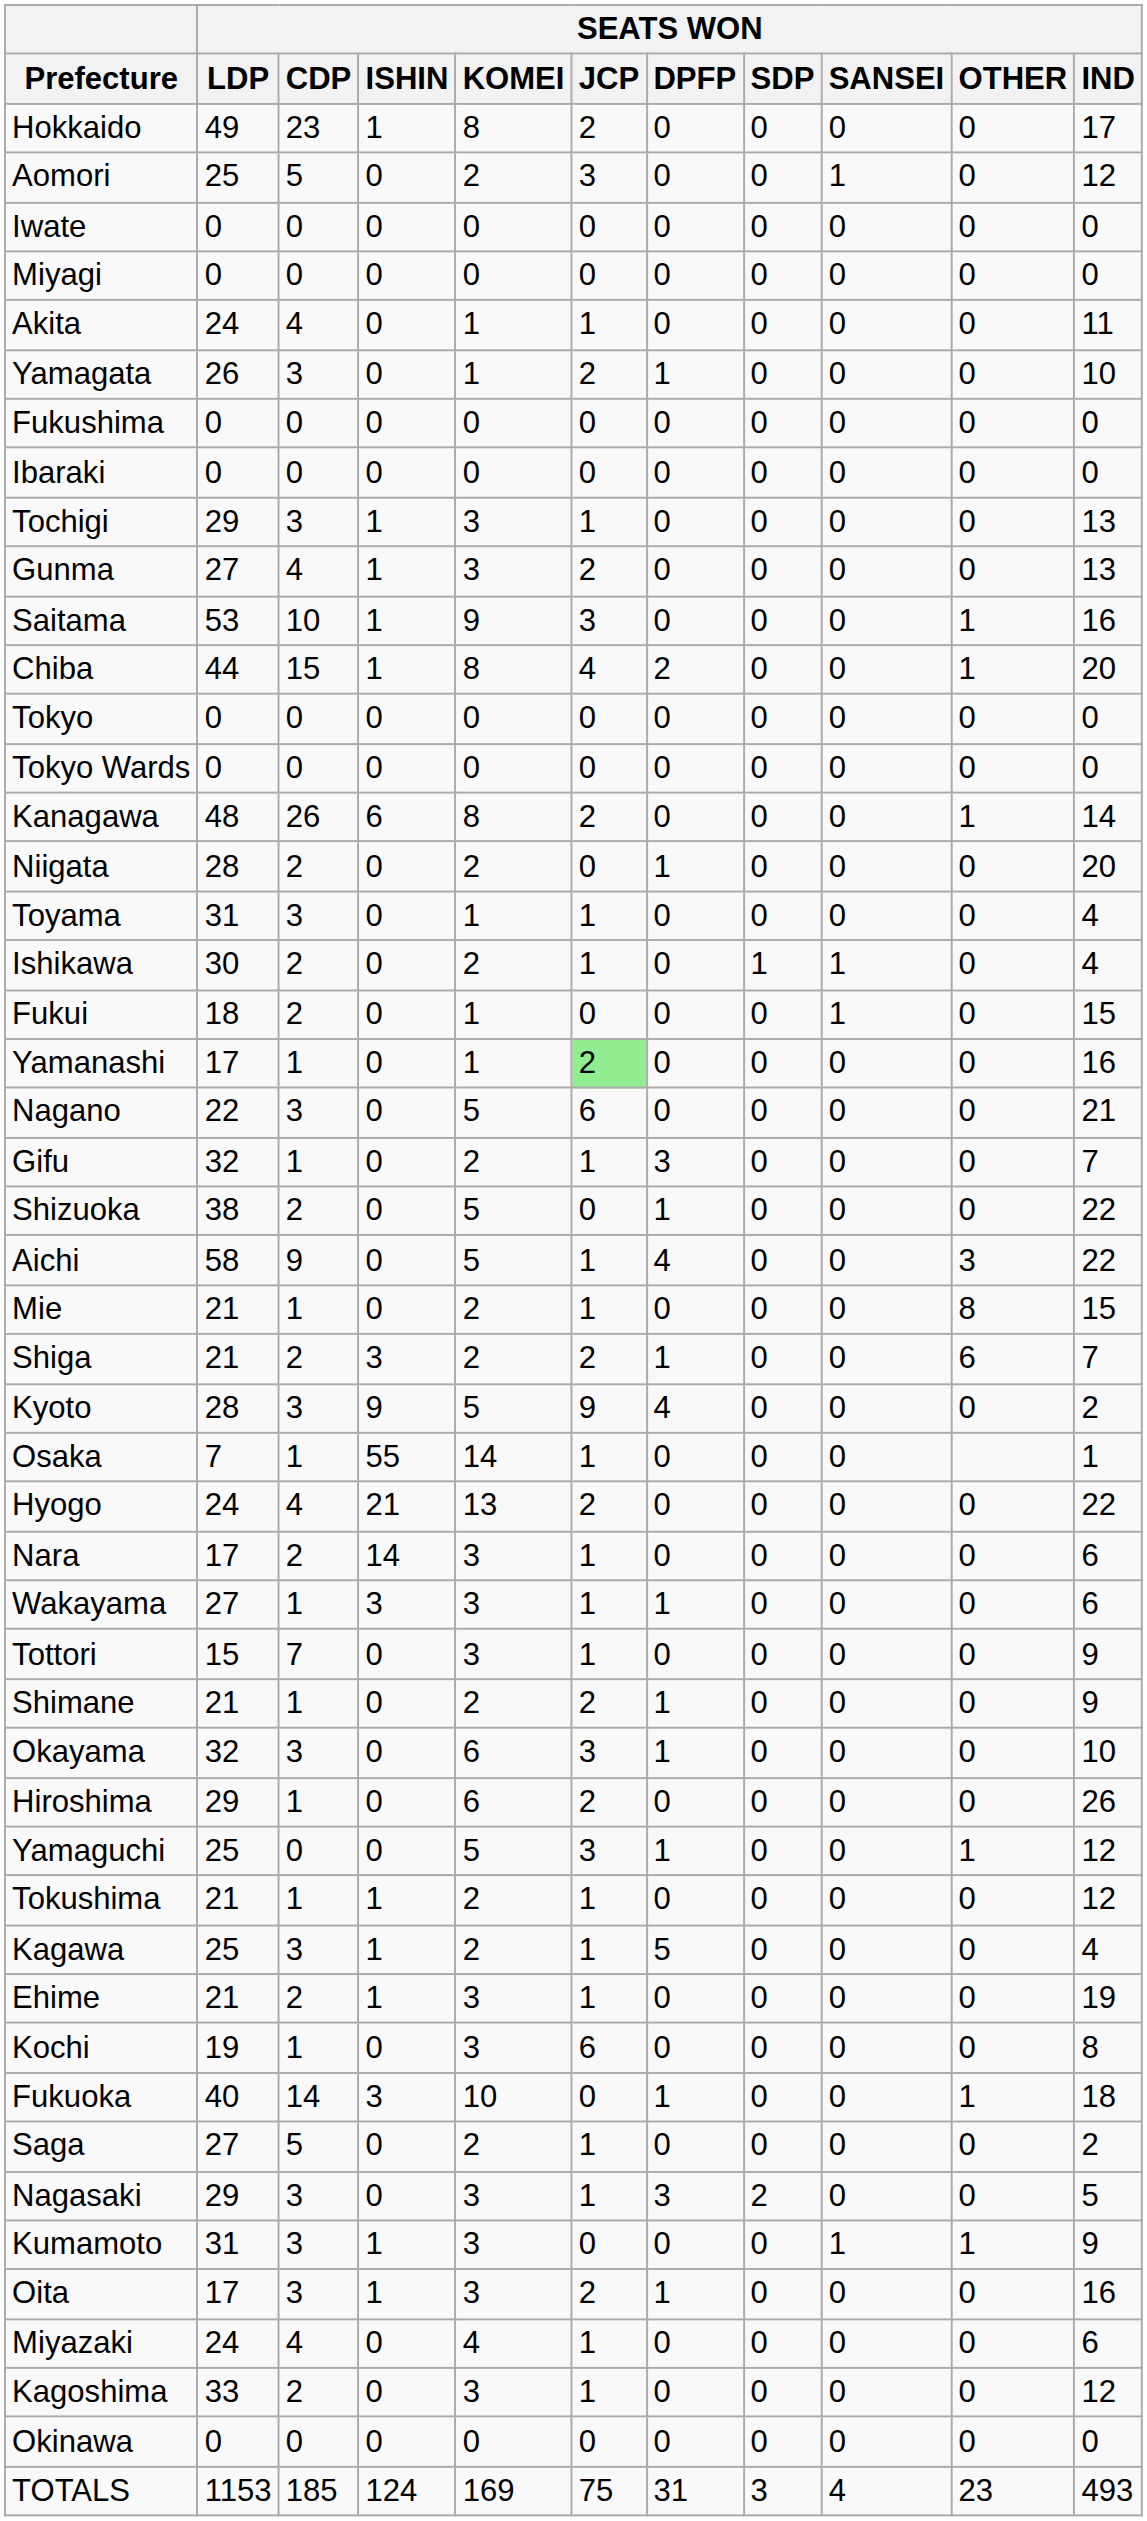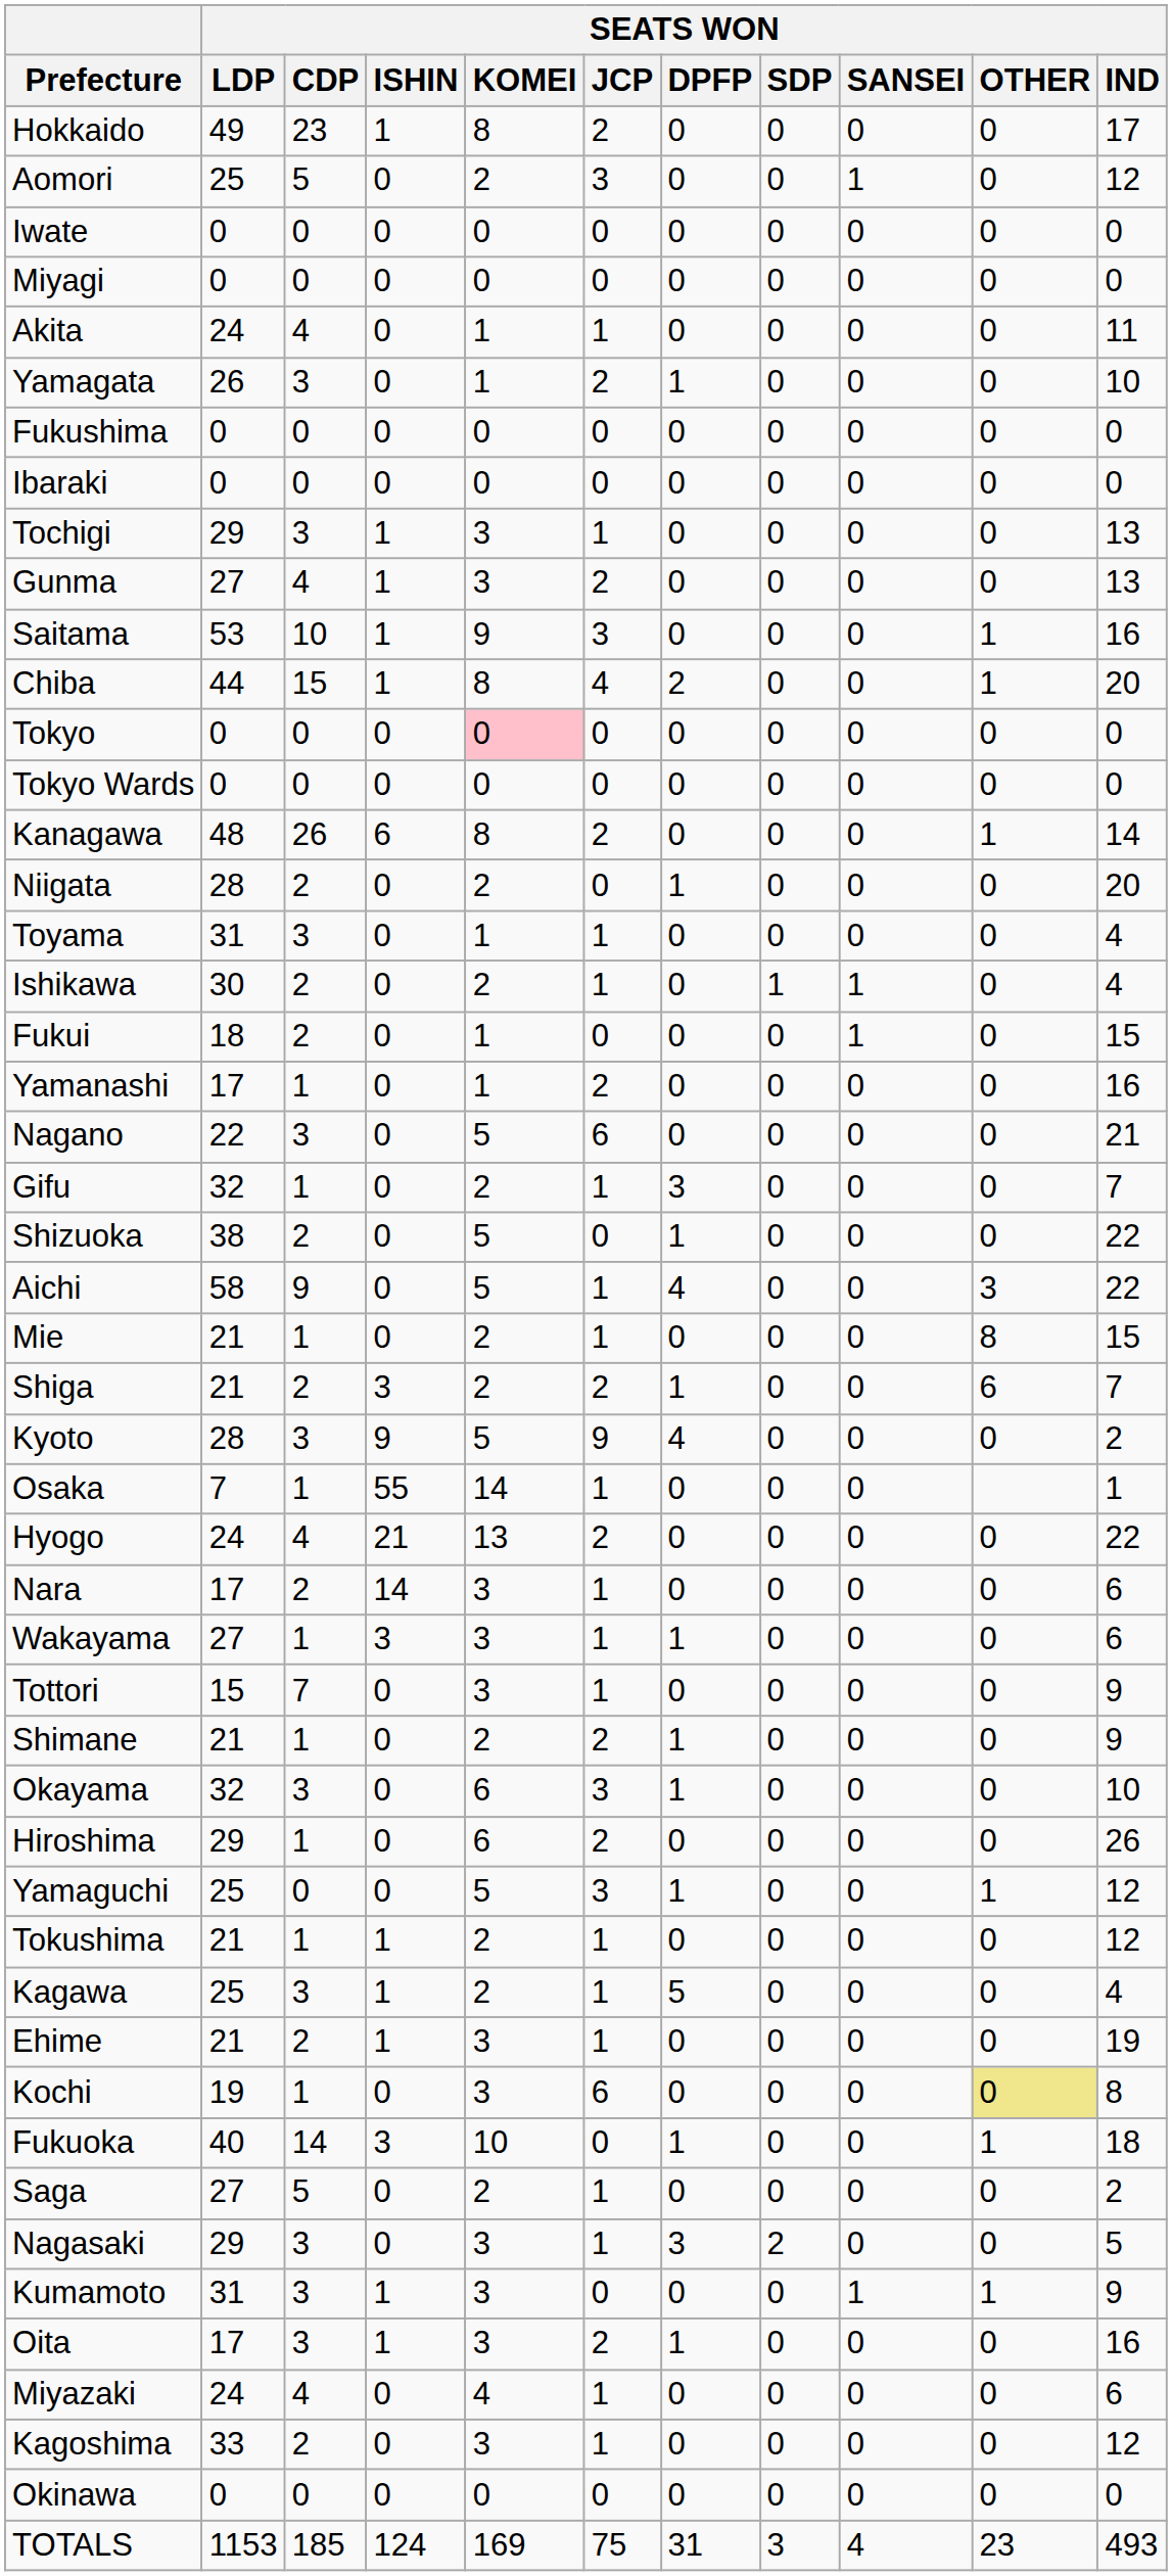 <table class="wikitable">
 <tr>
 <th></th>
 <th colspan="10">SEATS WON</th>
 </tr>
 <tr>
 <th>Prefecture</th>
 <th>LDP</th>
 <th>CDP</th>
 <th>ISHIN</th>
 <th>KOMEI</th>
 <th>JCP</th>
 <th>DPFP</th>
 <th>SDP</th>
 <th>SANSEI</th>
 <th>OTHER</th>
 <th>IND</th>
 </tr>
 <tr>
 <td>Hokkaido</td>
 <td>49</td>
 <td>23</td>
 <td>1</td>
 <td>8</td>
 <td>2</td>
 <td>0</td>
 <td>0</td>
 <td>0</td>
 <td>0</td>
 <td>17</td>
 </tr>
 <tr>
 <td>Aomori</td>
 <td>25</td>
 <td>5</td>
 <td>0</td>
 <td>2</td>
 <td>3</td>
 <td>0</td>
 <td>0</td>
 <td>1</td>
 <td>0</td>
 <td>12</td>
 </tr>
 <tr>
 <td>Iwate</td>
 <td>0</td>
 <td>0</td>
 <td>0</td>
 <td>0</td>
 <td>0</td>
 <td>0</td>
 <td>0</td>
 <td>0</td>
 <td>0</td>
 <td>0</td>
 </tr>
 <tr>
 <td>Miyagi</td>
 <td>0</td>
 <td>0</td>
 <td>0</td>
 <td>0</td>
 <td>0</td>
 <td>0</td>
 <td>0</td>
 <td>0</td>
 <td>0</td>
 <td>0</td>
 </tr>
 <tr>
 <td>Akita</td>
 <td>24</td>
 <td>4</td>
 <td>0</td>
 <td>1</td>
 <td>1</td>
 <td>0</td>
 <td>0</td>
 <td>0</td>
 <td>0</td>
 <td>11</td>
 </tr>
 <tr>
 <td>Yamagata</td>
 <td>26</td>
 <td>3</td>
 <td>0</td>
 <td>1</td>
 <td>2</td>
 <td>1</td>
 <td>0</td>
 <td>0</td>
 <td>0</td>
 <td>10</td>
 </tr>
 <tr>
 <td>Fukushima</td>
 <td>0</td>
 <td>0</td>
 <td>0</td>
 <td>0</td>
 <td>0</td>
 <td>0</td>
 <td>0</td>
 <td>0</td>
 <td>0</td>
 <td>0</td>
 </tr>
 <tr>
 <td>Ibaraki</td>
 <td>0</td>
 <td>0</td>
 <td>0</td>
 <td>0</td>
 <td>0</td>
 <td>0</td>
 <td>0</td>
 <td>0</td>
 <td>0</td>
 <td>0</td>
 </tr>
 <tr>
 <td>Tochigi</td>
 <td>29</td>
 <td>3</td>
 <td>1</td>
 <td>3</td>
 <td>1</td>
 <td>0</td>
 <td>0</td>
 <td>0</td>
 <td>0</td>
 <td>13</td>
 </tr>
 <tr>
 <td>Gunma</td>
 <td>27</td>
 <td>4</td>
 <td>1</td>
 <td>3</td>
 <td>2</td>
 <td>0</td>
 <td>0</td>
 <td>0</td>
 <td>0</td>
 <td>13</td>
 </tr>
 <tr>
 <td>Saitama</td>
 <td>53</td>
 <td>10</td>
 <td>1</td>
 <td>9</td>
 <td>3</td>
 <td>0</td>
 <td>0</td>
 <td>0</td>
 <td>1</td>
 <td>16</td>
 </tr>
 <tr>
 <td>Chiba</td>
 <td>44</td>
 <td>15</td>
 <td>1</td>
 <td>8</td>
 <td>4</td>
 <td>2</td>
 <td>0</td>
 <td>0</td>
 <td>1</td>
 <td>20</td>
 </tr>
 <tr>
 <td>Tokyo</td>
 <td>0</td>
 <td>0</td>
 <td>0</td>
-<td>0</td>
+<td style="background: pink;">0</td>
 <td>0</td>
 <td>0</td>
 <td>0</td>
 <td>0</td>
 <td>0</td>
 <td>0</td>
 </tr>
 <tr>
 <td>Tokyo Wards</td>
 <td>0</td>
 <td>0</td>
 <td>0</td>
 <td>0</td>
 <td>0</td>
 <td>0</td>
 <td>0</td>
 <td>0</td>
 <td>0</td>
 <td>0</td>
 </tr>
 <tr>
 <td>Kanagawa</td>
 <td>48</td>
 <td>26</td>
 <td>6</td>
 <td>8</td>
 <td>2</td>
 <td>0</td>
 <td>0</td>
 <td>0</td>
 <td>1</td>
 <td>14</td>
 </tr>
 <tr>
 <td>Niigata</td>
 <td>28</td>
 <td>2</td>
 <td>0</td>
 <td>2</td>
 <td>0</td>
 <td>1</td>
 <td>0</td>
 <td>0</td>
 <td>0</td>
 <td>20</td>
 </tr>
 <tr>
 <td>Toyama</td>
 <td>31</td>
 <td>3</td>
 <td>0</td>
 <td>1</td>
 <td>1</td>
 <td>0</td>
 <td>0</td>
 <td>0</td>
 <td>0</td>
 <td>4</td>
 </tr>
 <tr>
 <td>Ishikawa</td>
 <td>30</td>
 <td>2</td>
 <td>0</td>
 <td>2</td>
 <td>1</td>
 <td>0</td>
 <td>1</td>
 <td>1</td>
 <td>0</td>
 <td>4</td>
 </tr>
 <tr>
 <td>Fukui</td>
 <td>18</td>
 <td>2</td>
 <td>0</td>
 <td>1</td>
 <td>0</td>
 <td>0</td>
 <td>0</td>
 <td>1</td>
 <td>0</td>
 <td>15</td>
 </tr>
 <tr>
 <td>Yamanashi</td>
 <td>17</td>
 <td>1</td>
 <td>0</td>
 <td>1</td>
-<td style="background: lightgreen;">2</td>
+<td>2</td>
 <td>0</td>
 <td>0</td>
 <td>0</td>
 <td>0</td>
 <td>16</td>
 </tr>
 <tr>
 <td>Nagano</td>
 <td>22</td>
 <td>3</td>
 <td>0</td>
 <td>5</td>
 <td>6</td>
 <td>0</td>
 <td>0</td>
 <td>0</td>
 <td>0</td>
 <td>21</td>
 </tr>
 <tr>
 <td>Gifu</td>
 <td>32</td>
 <td>1</td>
 <td>0</td>
 <td>2</td>
 <td>1</td>
 <td>3</td>
 <td>0</td>
 <td>0</td>
 <td>0</td>
 <td>7</td>
 </tr>
 <tr>
 <td>Shizuoka</td>
 <td>38</td>
 <td>2</td>
 <td>0</td>
 <td>5</td>
 <td>0</td>
 <td>1</td>
 <td>0</td>
 <td>0</td>
 <td>0</td>
 <td>22</td>
 </tr>
 <tr>
 <td>Aichi</td>
 <td>58</td>
 <td>9</td>
 <td>0</td>
 <td>5</td>
 <td>1</td>
 <td>4</td>
 <td>0</td>
 <td>0</td>
 <td>3</td>
 <td>22</td>
 </tr>
 <tr>
 <td>Mie</td>
 <td>21</td>
 <td>1</td>
 <td>0</td>
 <td>2</td>
 <td>1</td>
 <td>0</td>
 <td>0</td>
 <td>0</td>
 <td>8</td>
 <td>15</td>
 </tr>
 <tr>
 <td>Shiga</td>
 <td>21</td>
 <td>2</td>
 <td>3</td>
 <td>2</td>
 <td>2</td>
 <td>1</td>
 <td>0</td>
 <td>0</td>
 <td>6</td>
 <td>7</td>
 </tr>
 <tr>
 <td>Kyoto</td>
 <td>28</td>
 <td>3</td>
 <td>9</td>
 <td>5</td>
 <td>9</td>
 <td>4</td>
 <td>0</td>
 <td>0</td>
 <td>0</td>
 <td>2</td>
 </tr>
 <tr>
 <td>Osaka</td>
 <td>7</td>
 <td>1</td>
 <td>55</td>
 <td>14</td>
 <td>1</td>
 <td>0</td>
 <td>0</td>
 <td>0</td>
 <td></td>
 <td>1</td>
 </tr>
 <tr>
 <td>Hyogo</td>
 <td>24</td>
 <td>4</td>
 <td>21</td>
 <td>13</td>
 <td>2</td>
 <td>0</td>
 <td>0</td>
 <td>0</td>
 <td>0</td>
 <td>22</td>
 </tr>
 <tr>
 <td>Nara</td>
 <td>17</td>
 <td>2</td>
 <td>14</td>
 <td>3</td>
 <td>1</td>
 <td>0</td>
 <td>0</td>
 <td>0</td>
 <td>0</td>
 <td>6</td>
 </tr>
 <tr>
 <td>Wakayama</td>
 <td>27</td>
 <td>1</td>
 <td>3</td>
 <td>3</td>
 <td>1</td>
 <td>1</td>
 <td>0</td>
 <td>0</td>
 <td>0</td>
 <td>6</td>
 </tr>
 <tr>
 <td>Tottori</td>
 <td>15</td>
 <td>7</td>
 <td>0</td>
 <td>3</td>
 <td>1</td>
 <td>0</td>
 <td>0</td>
 <td>0</td>
 <td>0</td>
 <td>9</td>
 </tr>
 <tr>
 <td>Shimane</td>
 <td>21</td>
 <td>1</td>
 <td>0</td>
 <td>2</td>
 <td>2</td>
 <td>1</td>
 <td>0</td>
 <td>0</td>
 <td>0</td>
 <td>9</td>
 </tr>
 <tr>
 <td>Okayama</td>
 <td>32</td>
 <td>3</td>
 <td>0</td>
 <td>6</td>
 <td>3</td>
 <td>1</td>
 <td>0</td>
 <td>0</td>
 <td>0</td>
 <td>10</td>
 </tr>
 <tr>
 <td>Hiroshima</td>
 <td>29</td>
 <td>1</td>
 <td>0</td>
 <td>6</td>
 <td>2</td>
 <td>0</td>
 <td>0</td>
 <td>0</td>
 <td>0</td>
 <td>26</td>
 </tr>
 <tr>
 <td>Yamaguchi</td>
 <td>25</td>
 <td>0</td>
 <td>0</td>
 <td>5</td>
 <td>3</td>
 <td>1</td>
 <td>0</td>
 <td>0</td>
 <td>1</td>
 <td>12</td>
 </tr>
 <tr>
 <td>Tokushima</td>
 <td>21</td>
 <td>1</td>
 <td>1</td>
 <td>2</td>
 <td>1</td>
 <td>0</td>
 <td>0</td>
 <td>0</td>
 <td>0</td>
 <td>12</td>
 </tr>
 <tr>
 <td>Kagawa</td>
 <td>25</td>
 <td>3</td>
 <td>1</td>
 <td>2</td>
 <td>1</td>
 <td>5</td>
 <td>0</td>
 <td>0</td>
 <td>0</td>
 <td>4</td>
 </tr>
 <tr>
 <td>Ehime</td>
 <td>21</td>
 <td>2</td>
 <td>1</td>
 <td>3</td>
 <td>1</td>
 <td>0</td>
 <td>0</td>
 <td>0</td>
 <td>0</td>
 <td>19</td>
 </tr>
 <tr>
 <td>Kochi</td>
 <td>19</td>
 <td>1</td>
 <td>0</td>
 <td>3</td>
 <td>6</td>
 <td>0</td>
 <td>0</td>
 <td>0</td>
-<td>0</td>
+<td style="background: khaki;">0</td>
 <td>8</td>
 </tr>
 <tr>
 <td>Fukuoka</td>
 <td>40</td>
 <td>14</td>
 <td>3</td>
 <td>10</td>
 <td>0</td>
 <td>1</td>
 <td>0</td>
 <td>0</td>
 <td>1</td>
 <td>18</td>
 </tr>
 <tr>
 <td>Saga</td>
 <td>27</td>
 <td>5</td>
 <td>0</td>
 <td>2</td>
 <td>1</td>
 <td>0</td>
 <td>0</td>
 <td>0</td>
 <td>0</td>
 <td>2</td>
 </tr>
 <tr>
 <td>Nagasaki</td>
 <td>29</td>
 <td>3</td>
 <td>0</td>
 <td>3</td>
 <td>1</td>
 <td>3</td>
 <td>2</td>
 <td>0</td>
 <td>0</td>
 <td>5</td>
 </tr>
 <tr>
 <td>Kumamoto</td>
 <td>31</td>
 <td>3</td>
 <td>1</td>
 <td>3</td>
 <td>0</td>
 <td>0</td>
 <td>0</td>
 <td>1</td>
 <td>1</td>
 <td>9</td>
 </tr>
 <tr>
 <td>Oita</td>
 <td>17</td>
 <td>3</td>
 <td>1</td>
 <td>3</td>
 <td>2</td>
 <td>1</td>
 <td>0</td>
 <td>0</td>
 <td>0</td>
 <td>16</td>
 </tr>
 <tr>
 <td>Miyazaki</td>
 <td>24</td>
 <td>4</td>
 <td>0</td>
 <td>4</td>
 <td>1</td>
 <td>0</td>
 <td>0</td>
 <td>0</td>
 <td>0</td>
 <td>6</td>
 </tr>
 <tr>
 <td>Kagoshima</td>
 <td>33</td>
 <td>2</td>
 <td>0</td>
 <td>3</td>
 <td>1</td>
 <td>0</td>
 <td>0</td>
 <td>0</td>
 <td>0</td>
 <td>12</td>
 </tr>
 <tr>
 <td>Okinawa</td>
 <td>0</td>
 <td>0</td>
 <td>0</td>
 <td>0</td>
 <td>0</td>
 <td>0</td>
 <td>0</td>
 <td>0</td>
 <td>0</td>
 <td>0</td>
 </tr>
 <tr>
 <td>TOTALS</td>
 <td>1153</td>
 <td>185</td>
 <td>124</td>
 <td>169</td>
 <td>75</td>
 <td>31</td>
 <td>3</td>
 <td>4</td>
 <td>23</td>
 <td>493</td>
 </tr>
 </table>
